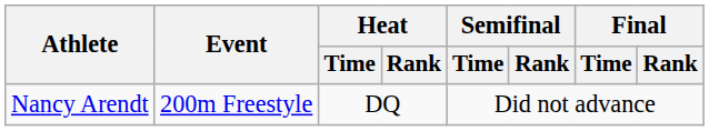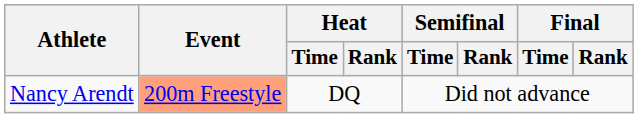 <table class="wikitable" style="font-size:90%">
 <tr>
 <th rowspan="2">Athlete</th>
 <th rowspan="2">Event</th>
 <th colspan="2">Heat</th>
 <th colspan="2">Semifinal</th>
 <th colspan="2">Final</th>
 </tr>
 <tr style="font-size:95%">
 <th>Time</th>
 <th>Rank</th>
 <th>Time</th>
 <th>Rank</th>
 <th>Time</th>
 <th>Rank</th>
 </tr>
 <tr align="center">
 <td align="left"><a href='#'>Nancy Arendt</a></td>
-<td align="left"><a href='#'>200m Freestyle</a></td>
+<td align="left" style="background: lightsalmon;"><a href='#'>200m Freestyle</a></td>
 <td colspan="2">DQ</td>
 <td colspan="4">Did not advance</td>
 </tr>
 </table>
